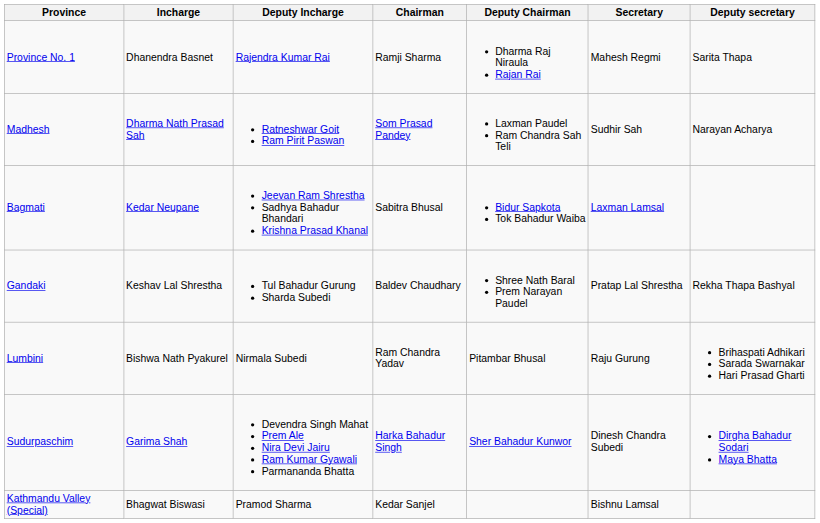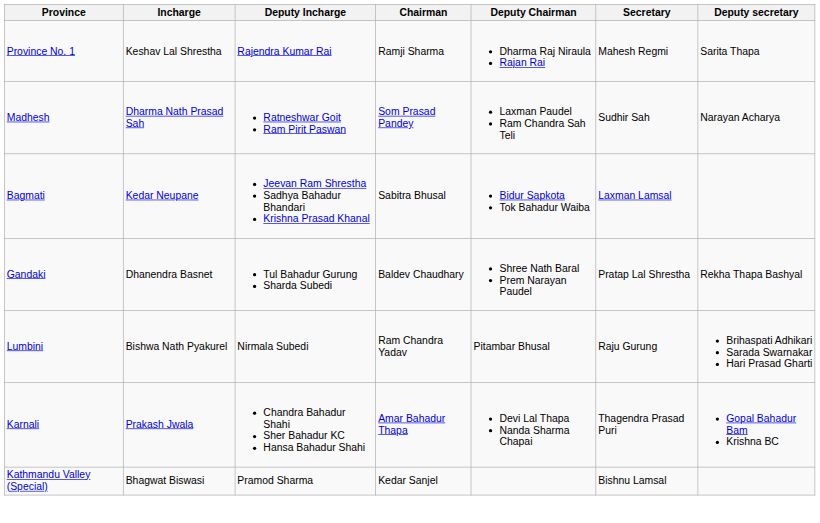 <table class="wikitable">
 <tr>
 <th style="background-color:">Province</th>
 <th style="background-color:">Incharge</th>
 <th style="background-color:">Deputy Incharge</th>
 <th style="background-color:">Chairman</th>
 <th style="background-color:">Deputy Chairman</th>
 <th style="background-color:">Secretary</th>
 <th style="background-color:">Deputy secretary</th>
 </tr>
 <tr>
 <td><a href='#'>Province No. 1</a></td>
-<td>Dhanendra Basnet</td>
+<td>Keshav Lal Shrestha</td>
 <td><a href='#'>Rajendra Kumar Rai</a></td>
 <td>Ramji Sharma</td>
 <td><br><ul><li>Dharma Raj Niraula</li><li><a href='#'>Rajan Rai</a></li></ul></td>
 <td>Mahesh Regmi</td>
 <td>Sarita Thapa</td>
 </tr>
 <tr>
 <td><a href='#'>Madhesh</a></td>
 <td><a href='#'>Dharma Nath Prasad Sah</a></td>
 <td><br><ul><li><a href='#'>Ratneshwar Goit</a></li><li><a href='#'>Ram Pirit Paswan</a></li></ul></td>
 <td><a href='#'>Som Prasad Pandey</a></td>
 <td><br><ul><li>Laxman Paudel</li><li>Ram Chandra Sah Teli</li></ul></td>
 <td>Sudhir Sah</td>
 <td>Narayan Acharya</td>
 </tr>
 <tr>
 <td><a href='#'>Bagmati</a></td>
 <td><a href='#'>Kedar Neupane</a></td>
 <td><br><ul><li><a href='#'>Jeevan Ram Shrestha</a></li><li>Sadhya Bahadur Bhandari</li><li><a href='#'>Krishna Prasad Khanal</a></li></ul></td>
 <td>Sabitra Bhusal</td>
 <td><br><ul><li><a href='#'>Bidur Sapkota</a></li><li>Tok Bahadur Waiba</li></ul></td>
 <td><a href='#'>Laxman Lamsal</a></td>
 <td></td>
 </tr>
 <tr>
 <td><a href='#'>Gandaki</a></td>
-<td>Keshav Lal Shrestha</td>
+<td>Dhanendra Basnet</td>
 <td><br><ul><li>Tul Bahadur Gurung</li><li>Sharda Subedi</li></ul></td>
 <td>Baldev Chaudhary</td>
 <td><br><ul><li>Shree Nath Baral</li><li>Prem Narayan Paudel</li></ul></td>
 <td>Pratap Lal Shrestha</td>
 <td>Rekha Thapa Bashyal</td>
 </tr>
 <tr>
 <td><a href='#'>Lumbini</a></td>
 <td>Bishwa Nath Pyakurel</td>
 <td>Nirmala Subedi</td>
 <td>Ram Chandra Yadav</td>
 <td>Pitambar Bhusal</td>
 <td>Raju Gurung</td>
 <td><br><ul><li>Brihaspati Adhikari</li><li>Sarada Swarnakar</li><li>Hari Prasad Gharti</li></ul></td>
 </tr>
 <tr>
-<td><a href='#'>Sudurpaschim</a></td>
-<td><a href='#'>Garima Shah</a></td>
-<td><br><ul><li>Devendra Singh Mahat</li><li><a href='#'>Prem Ale</a></li><li><a href='#'>Nira Devi Jairu</a></li><li><a href='#'>Ram Kumar Gyawali</a></li><li>Parmananda Bhatta</li></ul></td>
-<td><a href='#'>Harka Bahadur Singh</a></td>
-<td><a href='#'>Sher Bahadur Kunwor</a></td>
-<td>Dinesh Chandra Subedi</td>
-<td><br><ul><li><a href='#'>Dirgha Bahadur Sodari</a></li><li><a href='#'>Maya Bhatta</a></li></ul></td>
+<td><a href='#'>Karnali</a></td>
+<td><a href='#'>Prakash Jwala</a></td>
+<td><br><ul><li>Chandra Bahadur Shahi</li><li>Sher Bahadur KC</li><li>Hansa Bahadur Shahi</li></ul></td>
+<td><a href='#'>Amar Bahadur Thapa</a></td>
+<td><br><ul><li>Devi Lal Thapa</li><li>Nanda Sharma Chapai</li></ul></td>
+<td>Thagendra Prasad Puri</td>
+<td><br><ul><li><a href='#'>Gopal Bahadur Bam</a></li><li>Krishna BC</li></ul></td>
 </tr>
 <tr>
 <td><a href='#'>Kathmandu Valley (Special)</a></td>
 <td>Bhagwat Biswasi</td>
 <td>Pramod Sharma</td>
 <td>Kedar Sanjel</td>
 <td></td>
 <td>Bishnu Lamsal</td>
 <td></td>
 </tr>
 </table>
